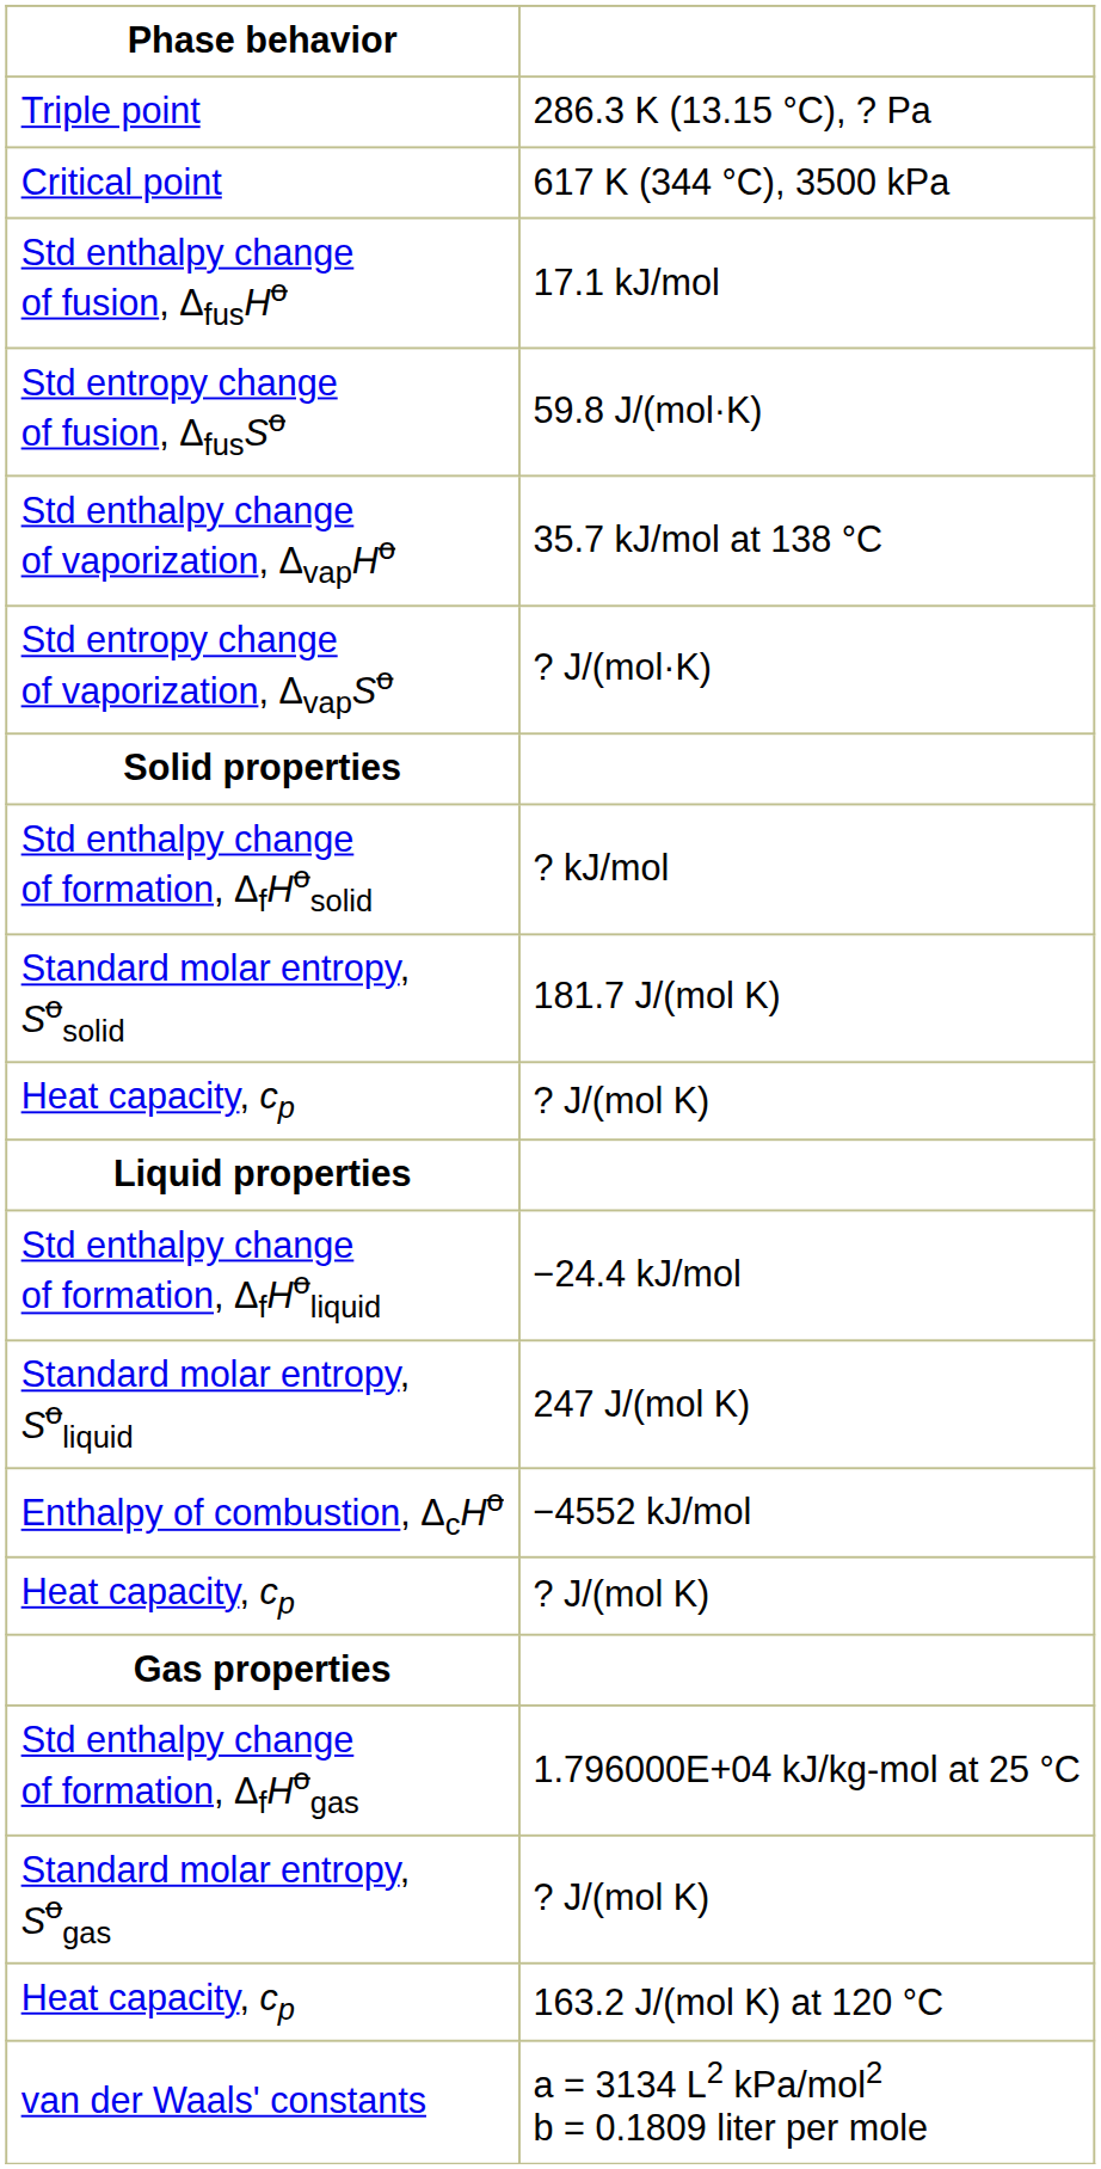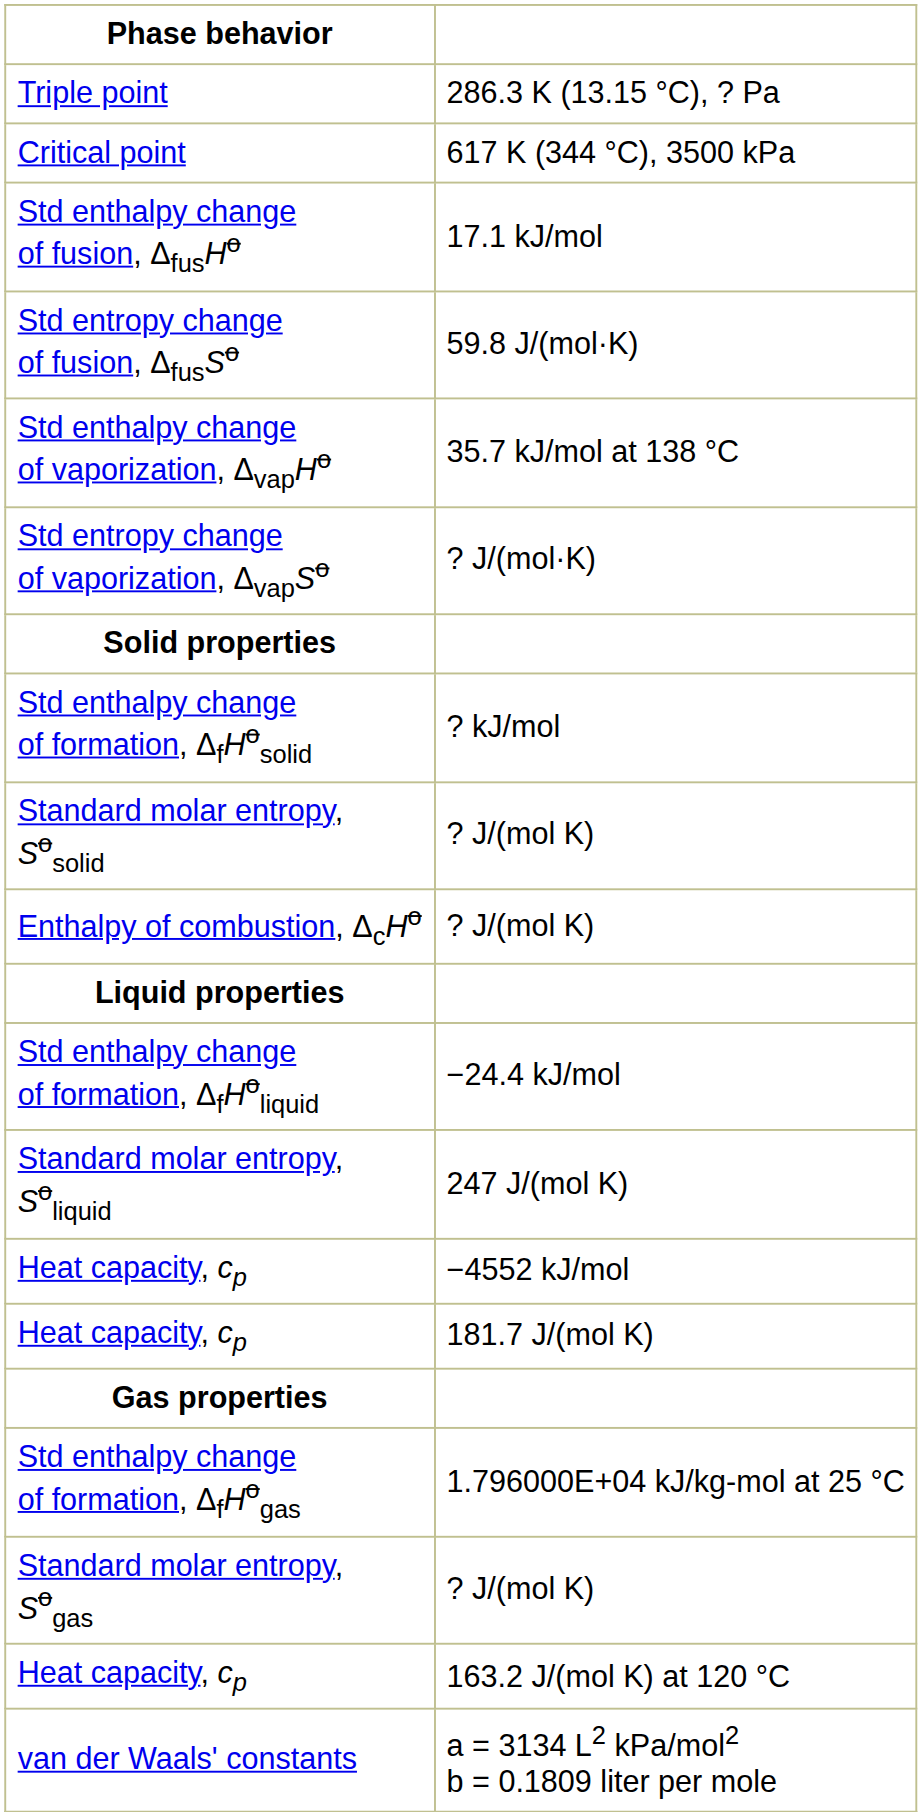 <table border="1" cellspacing="0" cellpadding="6" style="margin: 0 0 0 0.5em; background: #FFFFFF; border-collapse: collapse; border-color: #C0C090;">
 <tr>
 <th>Phase behavior</th>
 </tr>
 <tr>
 <td><a href='#'>Triple point</a></td>
 <td>286.3 K (13.15 °C), ? Pa</td>
 </tr>
 <tr>
 <td><a href='#'>Critical point</a></td>
 <td>617 K (344 °C), 3500 kPa</td>
 </tr>
 <tr>
 <td><a href='#'>Std enthalpy change<br>of fusion</a>, Δ<sub>fus</sub><em>H</em><sup><s>o</s></sup></td>
 <td>17.1 kJ/mol</td>
 </tr>
 <tr>
 <td><a href='#'>Std entropy change<br>of fusion</a>, Δ<sub>fus</sub><em>S</em><sup><s>o</s></sup></td>
 <td>59.8 J/(mol·K)</td>
 </tr>
 <tr>
 <td><a href='#'>Std enthalpy change<br>of vaporization</a>, Δ<sub>vap</sub><em>H</em><sup><s>o</s></sup></td>
 <td>35.7 kJ/mol at 138 °C</td>
 </tr>
 <tr>
 <td><a href='#'>Std entropy change<br>of vaporization</a>, Δ<sub>vap</sub><em>S</em><sup><s>o</s></sup></td>
 <td>? J/(mol·K)</td>
 </tr>
 <tr>
 <th>Solid properties</th>
 </tr>
 <tr>
 <td><a href='#'>Std enthalpy change<br>of formation</a>, Δ<sub>f</sub><em>H</em><sup><s>o</s></sup><sub>solid</sub></td>
 <td>? kJ/mol</td>
 </tr>
 <tr>
 <td><a href='#'>Standard molar entropy</a>,<br><em>S</em><sup><s>o</s></sup><sub>solid</sub></td>
-<td>181.7 J/(mol K)</td>
+<td>? J/(mol K)</td>
 </tr>
 <tr>
-<td><a href='#'>Heat capacity</a>, <em>c<sub>p</sub></em></td>
+<td><a href='#'>Enthalpy of combustion</a>, Δ<sub>c</sub><em>H</em><sup><s>o</s></sup></td>
 <td>? J/(mol K)</td>
 </tr>
 <tr>
 <th>Liquid properties</th>
 </tr>
 <tr>
 <td><a href='#'>Std enthalpy change<br>of formation</a>, Δ<sub>f</sub><em>H</em><sup><s>o</s></sup><sub>liquid</sub></td>
 <td>−24.4 kJ/mol</td>
 </tr>
 <tr>
 <td><a href='#'>Standard molar entropy</a>,<br><em>S</em><sup><s>o</s></sup><sub>liquid</sub></td>
 <td>247 J/(mol K)</td>
 </tr>
 <tr>
-<td><a href='#'>Enthalpy of combustion</a>, Δ<sub>c</sub><em>H</em><sup><s>o</s></sup></td>
+<td><a href='#'>Heat capacity</a>, <em>c<sub>p</sub></em></td>
 <td>−4552 kJ/mol</td>
 </tr>
 <tr>
 <td><a href='#'>Heat capacity</a>, <em>c<sub>p</sub></em></td>
-<td>? J/(mol K)</td>
+<td>181.7 J/(mol K)</td>
 </tr>
 <tr>
 <th>Gas properties</th>
 </tr>
 <tr>
 <td><a href='#'>Std enthalpy change<br>of formation</a>, Δ<sub>f</sub><em>H</em><sup><s>o</s></sup><sub>gas</sub></td>
 <td>1.796000E+04 kJ/kg-mol at 25 °C</td>
 </tr>
 <tr>
 <td><a href='#'>Standard molar entropy</a>,<br><em>S</em><sup><s>o</s></sup><sub>gas</sub></td>
 <td>? J/(mol K)</td>
 </tr>
 <tr>
 <td><a href='#'>Heat capacity</a>, <em>c<sub>p</sub></em></td>
 <td>163.2 J/(mol K) at 120 °C</td>
 </tr>
 <tr>
 <td><a href='#'>van der Waals' constants</a></td>
 <td>a = 3134 L<sup>2</sup> kPa/mol<sup>2</sup><br> b = 0.1809 liter per mole</td>
 </tr>
 <tr>
 </tr>
 </table>
